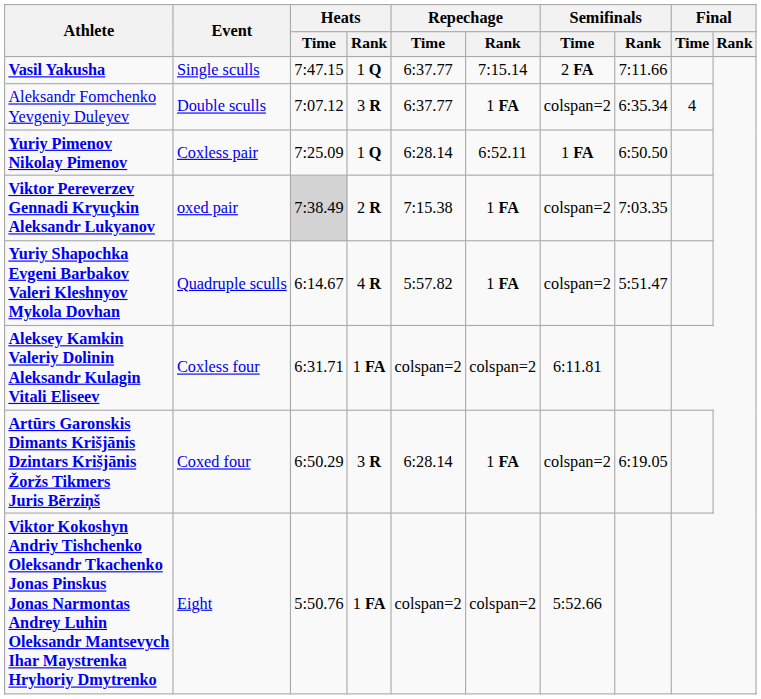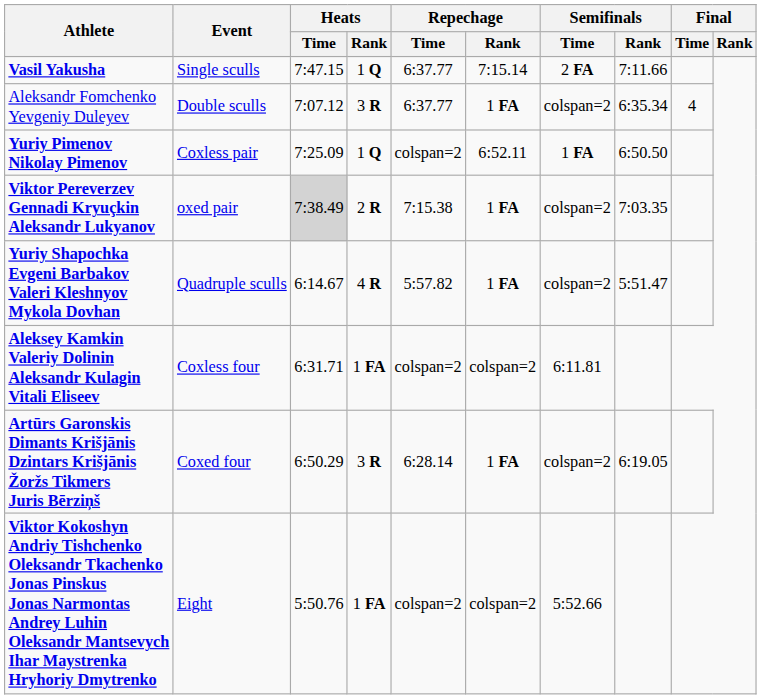 <table class="wikitable" style="font-size:90%; text-align:center;">
 <tr>
 <th rowspan=2>Athlete</th>
 <th rowspan=2>Event</th>
 <th colspan=2>Heats</th>
 <th colspan=2>Repechage</th>
 <th colspan=2>Semifinals</th>
 <th colspan=2>Final</th>
 </tr>
 <tr style="font-size:95%">
 <th>Time</th>
 <th>Rank</th>
 <th>Time</th>
 <th>Rank</th>
 <th>Time</th>
 <th>Rank</th>
 <th>Time</th>
 <th>Rank</th>
 </tr>
 <tr>
 <td align=left><strong><a href='#'>Vasil Yakusha</a></strong></td>
 <td align=left><a href='#'>Single sculls</a></td>
 <td>7:47.15</td>
 <td>1 <strong>Q</strong></td>
 <td>6:37.77</td>
 <td>7:15.14</td>
 <td>2 <strong>FA</strong></td>
 <td>7:11.66</td>
 <td></td>
 </tr>
 <tr>
 <td align=left><a href='#'>Aleksandr Fomchenko</a><br><a href='#'>Yevgeniy Duleyev</a></td>
 <td align=left><a href='#'>Double sculls</a></td>
 <td>7:07.12</td>
 <td>3 <strong>R</strong></td>
 <td>6:37.77</td>
 <td>1 <strong>FA</strong></td>
 <td>colspan=2 </td>
 <td>6:35.34</td>
 <td>4</td>
 </tr>
 <tr>
 <td align=left><strong><a href='#'>Yuriy Pimenov</a><br><a href='#'>Nikolay Pimenov</a></strong></td>
 <td align=left><a href='#'>Coxless pair</a></td>
 <td>7:25.09</td>
 <td>1 <strong>Q</strong></td>
-<td>6:28.14</td>
+<td>colspan=2 </td>
 <td>6:52.11</td>
 <td>1 <strong>FA</strong></td>
 <td>6:50.50</td>
 <td></td>
 </tr>
 <tr>
 <td align=left><strong><a href='#'>Viktor Pereverzev</a><br><a href='#'>Gennadi Kryuçkin</a><br><a href='#'>Aleksandr Lukyanov</a></strong></td>
 <td align=left><a href='#'>oxed pair</a></td>
 <td style="background: lightgrey;">7:38.49</td>
 <td>2 <strong>R</strong></td>
 <td>7:15.38</td>
 <td>1 <strong>FA</strong></td>
 <td>colspan=2 </td>
 <td>7:03.35</td>
 <td></td>
 </tr>
 <tr>
 <td align=left><strong><a href='#'>Yuriy Shapochka</a><br><a href='#'>Evgeni Barbakov</a><br><a href='#'>Valeri Kleshnyov</a><br><a href='#'>Mykola Dovhan</a></strong></td>
 <td align=left><a href='#'>Quadruple sculls</a></td>
 <td>6:14.67</td>
 <td>4 <strong>R</strong></td>
 <td>5:57.82</td>
 <td>1 <strong>FA</strong></td>
 <td>colspan=2 </td>
 <td>5:51.47</td>
 <td></td>
 </tr>
 <tr>
 <td align=left><strong><a href='#'>Aleksey Kamkin</a><br><a href='#'>Valeriy Dolinin</a><br><a href='#'>Aleksandr Kulagin</a><br><a href='#'>Vitali Eliseev</a></strong></td>
 <td align=left><a href='#'>Coxless four</a></td>
 <td>6:31.71</td>
 <td>1 <strong>FA</strong></td>
 <td>colspan=2 </td>
 <td>colspan=2 </td>
 <td>6:11.81</td>
 <td></td>
 </tr>
 <tr>
 <td align=left><strong><a href='#'>Artūrs Garonskis</a><br><a href='#'>Dimants Krišjānis</a><br><a href='#'>Dzintars Krišjānis</a><br><a href='#'>Žoržs Tikmers</a><br><a href='#'>Juris Bērziņš</a></strong></td>
 <td align=left><a href='#'>Coxed four</a></td>
 <td>6:50.29</td>
 <td>3 <strong>R</strong></td>
 <td>6:28.14</td>
 <td>1 <strong>FA</strong></td>
 <td>colspan=2 </td>
 <td>6:19.05</td>
 <td></td>
 </tr>
 <tr>
 <td align=left><strong><a href='#'>Viktor Kokoshyn</a><br><a href='#'>Andriy Tishchenko</a><br><a href='#'>Oleksandr Tkachenko</a><br><a href='#'>Jonas Pinskus</a><br><a href='#'>Jonas Narmontas</a><br><a href='#'>Andrey Luhin</a><br><a href='#'>Oleksandr Mantsevych</a><br><a href='#'>Ihar Maystrenka</a><br><a href='#'>Hryhoriy Dmytrenko</a></strong></td>
 <td align=left><a href='#'>Eight</a></td>
 <td>5:50.76</td>
 <td>1 <strong>FA</strong></td>
 <td>colspan=2 </td>
 <td>colspan=2 </td>
 <td>5:52.66</td>
 <td></td>
 </tr>
 </table>
